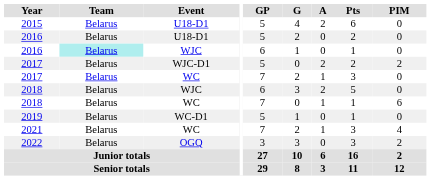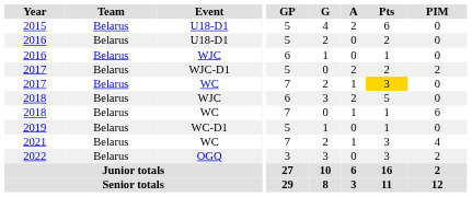 <table border="0" cellpadding="1" cellspacing="0" ID="Table3" style="text-align:center; width:40em">
 <tr ALIGN="center" bgcolor="#e0e0e0">
 <th>Year</th>
 <th>Team</th>
 <th>Event</th>
 <th rowspan="99" bgcolor="#ffffff"></th>
 <th>GP</th>
 <th>G</th>
 <th>A</th>
 <th>Pts</th>
 <th>PIM</th>
 </tr>
 <tr>
 <td><a href='#'>2015</a></td>
 <td><a href='#'>Belarus</a></td>
 <td><a href='#'>U18-D1</a></td>
 <td>5</td>
 <td>4</td>
 <td>2</td>
 <td>6</td>
 <td>0</td>
 </tr>
 <tr bgcolor="#f0f0f0">
 <td><a href='#'>2016</a></td>
 <td>Belarus</td>
 <td>U18-D1</td>
 <td>5</td>
 <td>2</td>
 <td>0</td>
 <td>2</td>
 <td>0</td>
 </tr>
 <tr>
 <td><a href='#'>2016</a></td>
-<td style="background: paleturquoise;"><a href='#'>Belarus</a></td>
+<td><a href='#'>Belarus</a></td>
 <td><a href='#'>WJC</a></td>
 <td>6</td>
 <td>1</td>
 <td>0</td>
 <td>1</td>
 <td>0</td>
 </tr>
 <tr bgcolor="#f0f0f0">
 <td><a href='#'>2017</a></td>
 <td>Belarus</td>
 <td>WJC-D1</td>
 <td>5</td>
 <td>0</td>
 <td>2</td>
 <td>2</td>
 <td>2</td>
 </tr>
 <tr>
 <td><a href='#'>2017</a></td>
 <td><a href='#'>Belarus</a></td>
 <td><a href='#'>WC</a></td>
 <td>7</td>
 <td>2</td>
 <td>1</td>
-<td>3</td>
+<td style="background: gold;">3</td>
 <td>0</td>
 </tr>
 <tr bgcolor="#f0f0f0">
 <td><a href='#'>2018</a></td>
 <td>Belarus</td>
 <td>WJC</td>
 <td>6</td>
 <td>3</td>
 <td>2</td>
 <td>5</td>
 <td>0</td>
 </tr>
 <tr>
 <td><a href='#'>2018</a></td>
 <td>Belarus</td>
 <td>WC</td>
 <td>7</td>
 <td>0</td>
 <td>1</td>
 <td>1</td>
 <td>6</td>
 </tr>
 <tr bgcolor="#f0f0f0">
 <td><a href='#'>2019</a></td>
 <td>Belarus</td>
 <td>WC-D1</td>
 <td>5</td>
 <td>1</td>
 <td>0</td>
 <td>1</td>
 <td>0</td>
 </tr>
 <tr>
 <td><a href='#'>2021</a></td>
 <td>Belarus</td>
 <td>WC</td>
 <td>7</td>
 <td>2</td>
 <td>1</td>
 <td>3</td>
 <td>4</td>
 </tr>
 <tr bgcolor="#f0f0f0">
 <td><a href='#'>2022</a></td>
 <td>Belarus</td>
 <td><a href='#'>OGQ</a></td>
 <td>3</td>
 <td>3</td>
 <td>0</td>
 <td>3</td>
 <td>2</td>
 </tr>
 <tr bgcolor="#e0e0e0">
 <th colspan="3">Junior totals</th>
 <th>27</th>
 <th>10</th>
 <th>6</th>
 <th>16</th>
 <th>2</th>
 </tr>
 <tr bgcolor="#e0e0e0">
 <th colspan="3">Senior totals</th>
 <th>29</th>
 <th>8</th>
 <th>3</th>
 <th>11</th>
 <th>12</th>
 </tr>
 </table>
